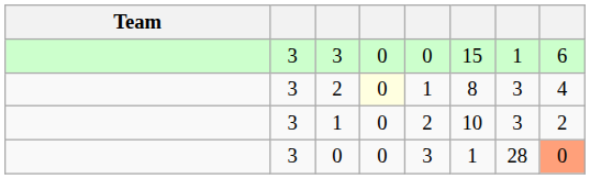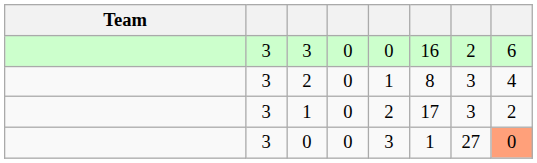 <table class="wikitable" style="text-align: center; font-size: 90%;">
 <tr>
 <th width=180>Team</th>
 <th width=25></th>
 <th width=25></th>
 <th width=25></th>
 <th width=25></th>
 <th width=25></th>
 <th width=25></th>
 <th width=25></th>
 </tr>
 <tr bgcolor=#ccffcc>
 <td align=left></td>
 <td>3</td>
 <td>3</td>
 <td>0</td>
 <td>0</td>
-<td>15</td>
-<td>1</td>
+<td>16</td>
+<td>2</td>
 <td>6</td>
 </tr>
 <tr>
 <td align=left></td>
 <td>3</td>
 <td>2</td>
-<td style="background: lightyellow;">0</td>
+<td>0</td>
 <td>1</td>
 <td>8</td>
 <td>3</td>
 <td>4</td>
 </tr>
 <tr>
 <td align=left></td>
 <td>3</td>
 <td>1</td>
 <td>0</td>
 <td>2</td>
-<td>10</td>
+<td>17</td>
 <td>3</td>
 <td>2</td>
 </tr>
 <tr>
 <td align=left></td>
 <td>3</td>
 <td>0</td>
 <td>0</td>
 <td>3</td>
 <td>1</td>
-<td>28</td>
+<td>27</td>
 <td style="background: lightsalmon;">0</td>
 </tr>
 </table>
